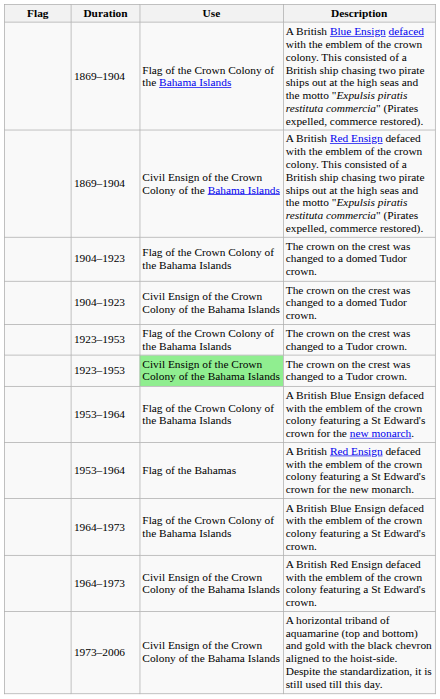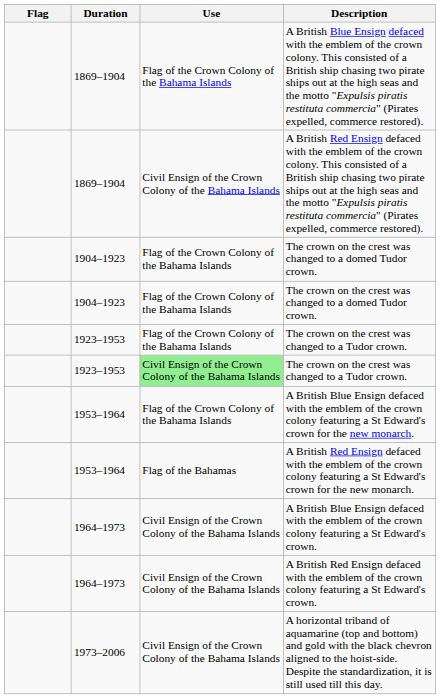 <table class="wikitable">
 <tr>
 <th width="110">Flag</th>
 <th width="100">Duration</th>
 <th width="250">Use</th>
 <th width="250">Description</th>
 </tr>
 <tr>
 <td></td>
 <td>1869–1904</td>
 <td>Flag of the Crown Colony of the <a href='#'>Bahama Islands</a></td>
 <td>A British <a href='#'>Blue Ensign</a> <a href='#'>defaced</a> with the emblem of the crown colony. This consisted of a British ship chasing two pirate ships out at the high seas and the motto "<em>Expulsis piratis restituta commercia</em>" (Pirates expelled, commerce restored).</td>
 </tr>
 <tr>
 <td></td>
 <td>1869–1904</td>
 <td>Civil Ensign of the Crown Colony of the <a href='#'>Bahama Islands</a></td>
 <td>A British <a href='#'>Red Ensign</a> defaced with the emblem of the crown colony. This consisted of a British ship chasing two pirate ships out at the high seas and the motto "<em>Expulsis piratis restituta commercia</em>" (Pirates expelled, commerce restored).</td>
 </tr>
 <tr>
 <td></td>
 <td>1904–1923</td>
 <td>Flag of the Crown Colony of the Bahama Islands</td>
 <td>The crown on the crest was changed to a domed Tudor crown.</td>
 </tr>
 <tr>
 <td></td>
 <td>1904–1923</td>
-<td>Civil Ensign of the Crown Colony of the Bahama Islands</td>
+<td>Flag of the Crown Colony of the Bahama Islands</td>
 <td>The crown on the crest was changed to a domed Tudor crown.</td>
 </tr>
 <tr>
 <td></td>
 <td>1923–1953</td>
 <td>Flag of the Crown Colony of the Bahama Islands</td>
 <td>The crown on the crest was changed to a Tudor crown.</td>
 </tr>
 <tr>
 <td></td>
 <td>1923–1953</td>
 <td style="background: lightgreen;">Civil Ensign of the Crown Colony of the Bahama Islands</td>
 <td>The crown on the crest was changed to a Tudor crown.</td>
 </tr>
 <tr>
 <td></td>
 <td>1953–1964</td>
 <td>Flag of the Crown Colony of the Bahama Islands</td>
 <td>A British Blue Ensign defaced with the emblem of the crown colony featuring a St Edward's crown for the <a href='#'>new monarch</a>.</td>
 </tr>
 <tr>
 <td></td>
 <td>1953–1964</td>
 <td>Flag of the Bahamas</td>
 <td>A British <a href='#'>Red Ensign</a> defaced with the emblem of the crown colony featuring a St Edward's crown for the new monarch.</td>
 </tr>
 <tr>
 <td></td>
 <td>1964–1973</td>
-<td>Flag of the Crown Colony of the Bahama Islands</td>
+<td>Civil Ensign of the Crown Colony of the Bahama Islands</td>
 <td>A British Blue Ensign defaced with the emblem of the crown colony featuring a St Edward's crown.</td>
 </tr>
 <tr>
 <td></td>
 <td>1964–1973</td>
 <td>Civil Ensign of the Crown Colony of the Bahama Islands</td>
 <td>A British Red Ensign defaced with the emblem of the crown colony featuring a St Edward's crown.</td>
 </tr>
 <tr>
 <td></td>
 <td>1973–2006</td>
 <td>Civil Ensign of the Crown Colony of the Bahama Islands</td>
 <td>A horizontal triband of aquamarine (top and bottom) and gold with the black chevron aligned to the hoist-side. Despite the standardization, it is still used till this day.</td>
 </tr>
 </table>
